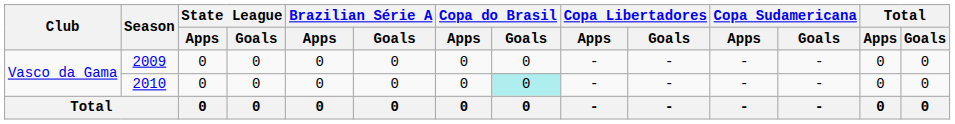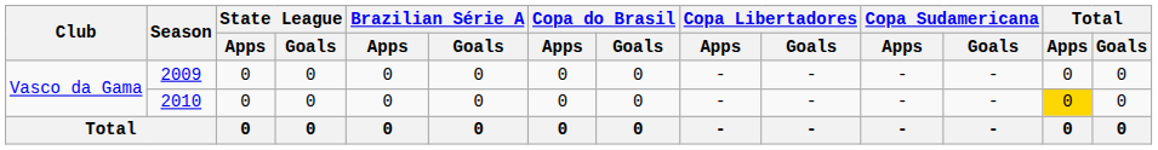 <table class="wikitable" style="text-align: center;">
 <tr>
 <th rowspan="2">Club</th>
 <th rowspan="2">Season</th>
 <th colspan="2">State League</th>
 <th colspan="2"><a href='#'>Brazilian Série A</a></th>
 <th colspan="2"><a href='#'>Copa do Brasil</a></th>
 <th colspan="2"><a href='#'>Copa Libertadores</a></th>
 <th colspan="2"><a href='#'>Copa Sudamericana</a></th>
 <th colspan="2">Total</th>
 </tr>
 <tr>
 <th>Apps</th>
 <th>Goals</th>
 <th>Apps</th>
 <th>Goals</th>
 <th>Apps</th>
 <th>Goals</th>
 <th>Apps</th>
 <th>Goals</th>
 <th>Apps</th>
 <th>Goals</th>
 <th>Apps</th>
 <th>Goals</th>
 </tr>
 <tr>
 <td rowspan="2" valign="center"><a href='#'>Vasco da Gama</a></td>
 <td><a href='#'>2009</a></td>
 <td>0</td>
 <td>0</td>
 <td>0</td>
 <td>0</td>
 <td>0</td>
 <td>0</td>
 <td>-</td>
 <td>-</td>
 <td>-</td>
 <td>-</td>
 <td>0</td>
 <td>0</td>
 </tr>
 <tr>
 <td><a href='#'>2010</a></td>
 <td>0</td>
 <td>0</td>
 <td>0</td>
 <td>0</td>
 <td>0</td>
-<td style="background: paleturquoise;">0</td>
+<td>0</td>
 <td>-</td>
 <td>-</td>
 <td>-</td>
 <td>-</td>
-<td>0</td>
+<td style="background: gold;">0</td>
 <td>0</td>
 </tr>
 <tr>
 <th colspan="2"><strong>Total</strong></th>
 <th>0</th>
 <th>0</th>
 <th>0</th>
 <th>0</th>
 <th>0</th>
 <th>0</th>
 <th>-</th>
 <th>-</th>
 <th>-</th>
 <th>-</th>
 <th>0</th>
 <th>0</th>
 </tr>
 </table>
